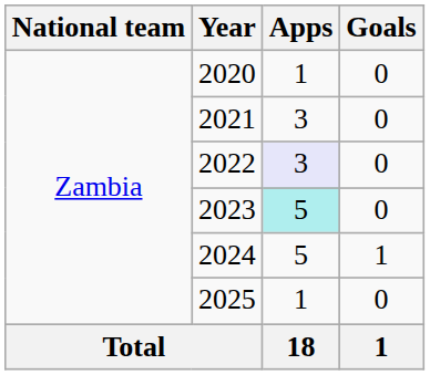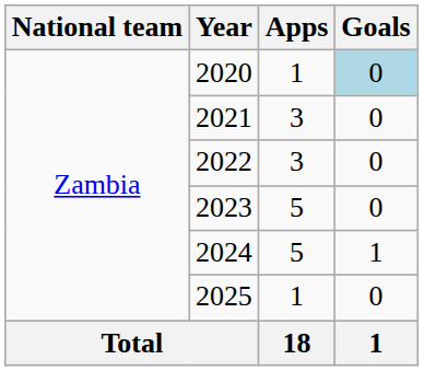 <table class="wikitable" style="text-align:center">
 <tr>
 <th>National team</th>
 <th>Year</th>
 <th>Apps</th>
 <th>Goals</th>
 </tr>
 <tr>
 <td rowspan="6"><a href='#'>Zambia</a></td>
 <td>2020</td>
 <td>1</td>
-<td>0</td>
+<td style="background: lightblue;">0</td>
 </tr>
 <tr>
 <td>2021</td>
 <td>3</td>
 <td>0</td>
 </tr>
 <tr>
 <td>2022</td>
-<td style="background: lavender;">3</td>
+<td>3</td>
 <td>0</td>
 </tr>
 <tr>
 <td>2023</td>
-<td style="background: paleturquoise;">5</td>
+<td>5</td>
 <td>0</td>
 </tr>
 <tr>
 <td>2024</td>
 <td>5</td>
 <td>1</td>
 </tr>
 <tr>
 <td>2025</td>
 <td>1</td>
 <td>0</td>
 </tr>
 <tr>
 <th colspan="2">Total</th>
 <th>18</th>
 <th>1</th>
 </tr>
 </table>
